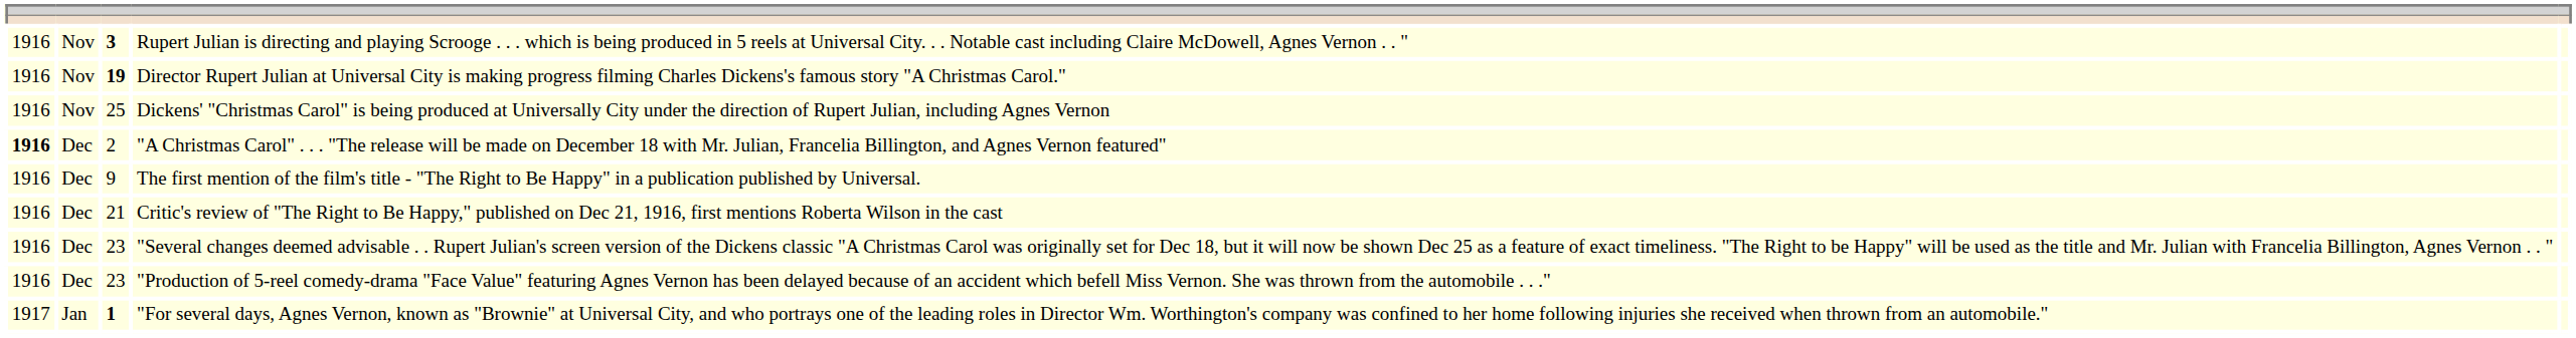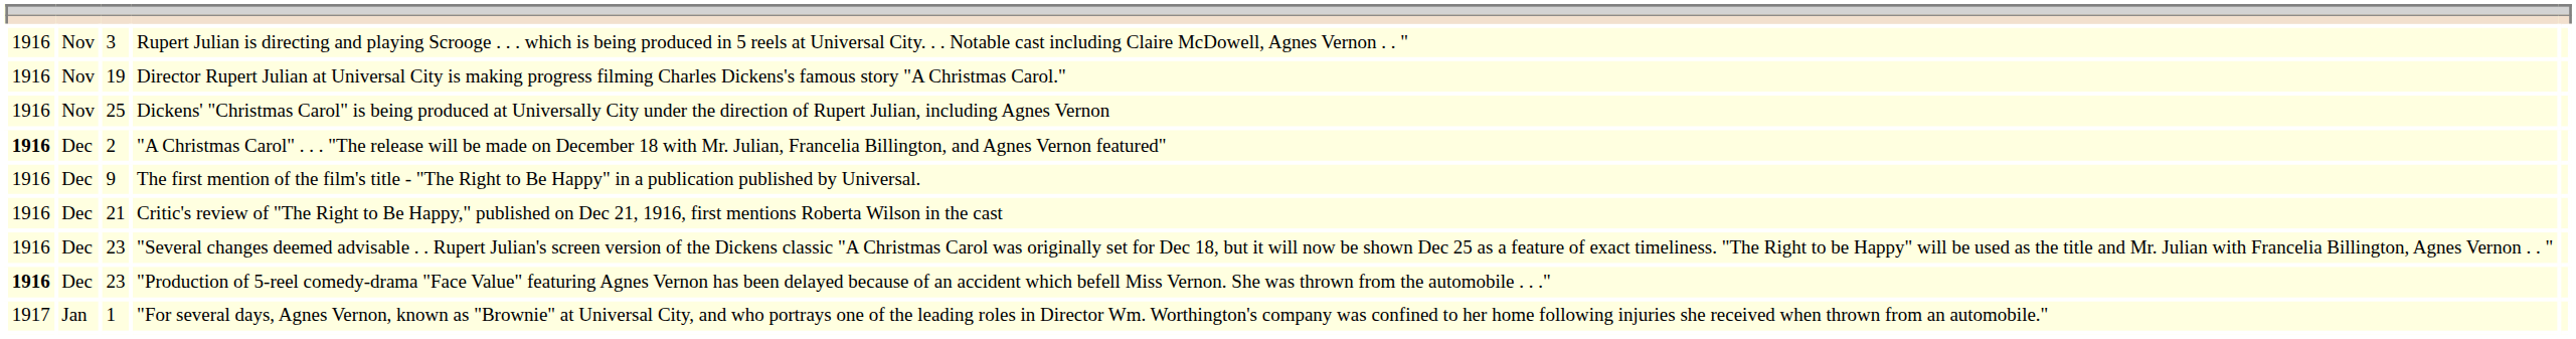 <table class="wikitable sortable" style="background:lightyellow; border:2px solid gray;font-size:90%">
 <tr>
 <th colspan="18" style="border:1px solid #808080;background:lightgrey;"></th>
 </tr>
 <tr>
 <th style="border:0px solid #FFFAF5; background:#F2E0CE"></th>
 <th style="border:0px solid #FFFAF5; background:#F2E0CE"></th>
 <th style="border:0px solid #FFFAF5; background:#F2E0CE"></th>
 <th style="border:0px solid #FFFAF5; background:#F2E0CE"></th>
 <th style="border:0px solid #FFFAF5; background:#F2E0CE"></th>
 </tr>
 <tr>
 <td style="border:3px solid #FFFFFF">1916</td>
 <td style="border:3px solid #FFFFFF">Nov</td>
-<td style="border:3px solid #FFFFFF"><strong>3</strong></td>
+<td style="border:3px solid #FFFFFF">3</td>
 <td style="border:3px solid #FFFFFF">Rupert Julian is directing and playing Scrooge . . . which is being produced in 5 reels at Universal City. . . Notable cast including Claire McDowell, Agnes Vernon . . "</td>
 <td style="border:3px solid #FFFFFF"></td>
 </tr>
 <tr>
 <td style="border:3px solid #FFFFFF">1916</td>
 <td style="border:3px solid #FFFFFF">Nov</td>
-<td style="border:3px solid #FFFFFF"><strong>19</strong></td>
+<td style="border:3px solid #FFFFFF">19</td>
 <td style="border:3px solid #FFFFFF">Director Rupert Julian at Universal City is making progress filming Charles Dickens's famous story "A Christmas Carol."</td>
 <td style="border:3px solid #FFFFFF"></td>
 </tr>
 <tr>
 <td style="border:3px solid #FFFFFF">1916</td>
 <td style="border:3px solid #FFFFFF">Nov</td>
 <td style="border:3px solid #FFFFFF">25</td>
 <td style="border:3px solid #FFFFFF">Dickens' "Christmas Carol" is being produced at Universally City under the direction of Rupert Julian, including Agnes Vernon</td>
 <td style="border:3px solid #FFFFFF"></td>
 </tr>
 <tr>
 <td style="border:3px solid #FFFFFF"><strong>1916</strong></td>
 <td style="border:3px solid #FFFFFF">Dec</td>
 <td style="border:3px solid #FFFFFF">2</td>
 <td style="border:3px solid #FFFFFF">"A Christmas Carol" . . . "The release will be made on December 18 with Mr. Julian, Francelia Billington, and Agnes Vernon featured"</td>
 <td style="border:3px solid #FFFFFF"></td>
 </tr>
 <tr>
 <td style="border:3px solid #FFFFFF">1916</td>
 <td style="border:3px solid #FFFFFF">Dec</td>
 <td style="border:3px solid #FFFFFF">9</td>
 <td style="border:3px solid #FFFFFF">The first mention of the film's title -  "The Right to Be Happy" in a publication published by Universal.</td>
 <td style="border:3px solid #FFFFFF"></td>
 </tr>
 <tr>
 <td style="border:3px solid #FFFFFF">1916</td>
 <td style="border:3px solid #FFFFFF">Dec</td>
 <td style="border:3px solid #FFFFFF">21</td>
 <td style="border:3px solid #FFFFFF">Critic's review of "The Right to Be Happy," published on Dec 21, 1916, first mentions Roberta Wilson in the cast</td>
 <td style="border:3px solid #FFFFFF"></td>
 </tr>
 <tr>
 <td style="border:3px solid #FFFFFF">1916</td>
 <td style="border:3px solid #FFFFFF">Dec</td>
 <td style="border:3px solid #FFFFFF">23</td>
 <td style="border:3px solid #FFFFFF">"Several changes deemed advisable . . Rupert Julian's screen version of the Dickens classic "A Christmas Carol was originally set for Dec 18, but it will now be shown Dec 25 as a feature of exact timeliness. "The Right to be Happy" will be used as the title and Mr. Julian with Francelia Billington, Agnes Vernon . . "</td>
 <td style="border:3px solid #FFFFFF"></td>
 </tr>
 <tr>
-<td style="border:3px solid #FFFFFF">1916</td>
+<td style="border:3px solid #FFFFFF"><strong>1916</strong></td>
 <td style="border:3px solid #FFFFFF">Dec</td>
 <td style="border:3px solid #FFFFFF">23</td>
 <td style="border:3px solid #FFFFFF">"Production of 5-reel comedy-drama "Face Value" featuring Agnes Vernon has been delayed because of an accident which befell Miss Vernon. She was thrown from the automobile . . ."</td>
 <td style="border:3px solid #FFFFFF"></td>
 </tr>
 <tr>
 <td style="border:3px solid #FFFFFF">1917</td>
 <td style="border:3px solid #FFFFFF">Jan</td>
-<td style="border:3px solid #FFFFFF"><strong>1</strong></td>
+<td style="border:3px solid #FFFFFF">1</td>
 <td style="border:3px solid #FFFFFF">"For several days, Agnes Vernon, known as "Brownie" at Universal City, and who portrays one of the leading roles in Director Wm. Worthington's company was confined to her home following injuries she received when thrown from an automobile."</td>
 <td style="border:3px solid #FFFFFF"></td>
 </tr>
 </table>
